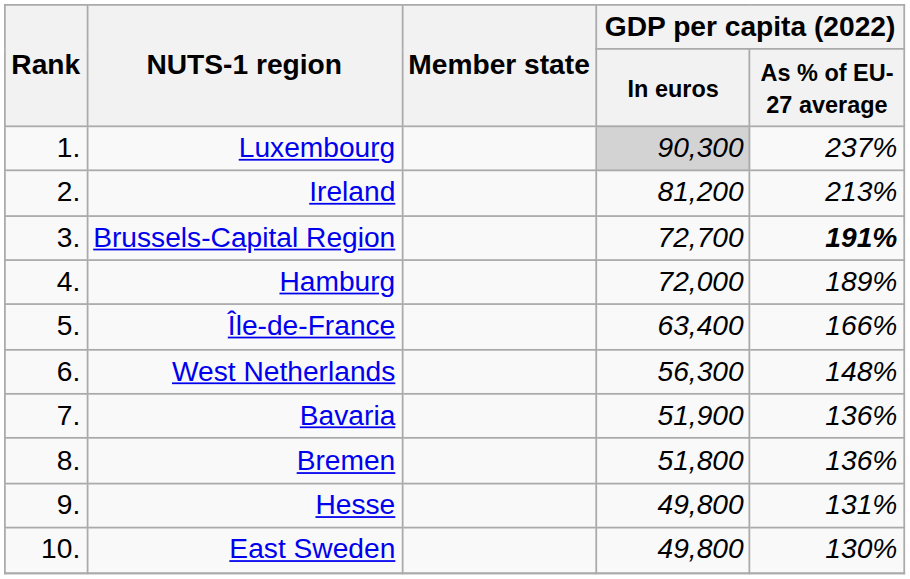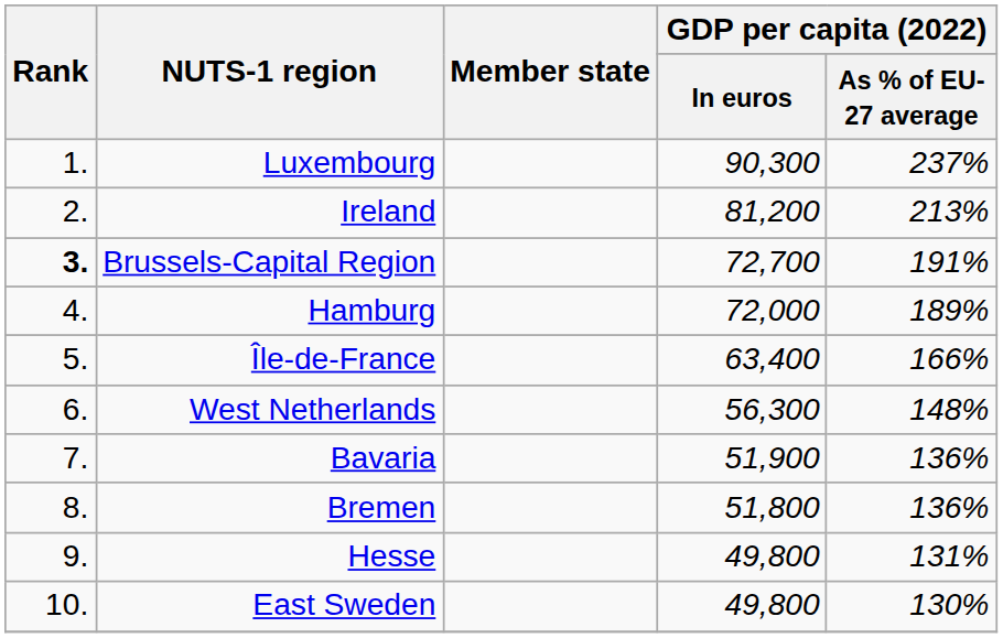 <table class="wikitable">
 <tr style="background:#efefef;">
 <th rowspan=2>Rank</th>
 <th rowspan=2>NUTS-1 region</th>
 <th rowspan=2>Member state</th>
 <th colspan=2>GDP per capita (2022)</th>
 </tr>
 <tr style="background:#efefef;">
 <th style="width:5em;"><small>In euros</small></th>
 <th style="width:5em;"><small>As % of EU-27 average</small></th>
 </tr>
 <tr style="text-align:right;">
 <td>1.</td>
 <td><a href='#'>Luxembourg</a></td>
 <td align=left><small></small></td>
-<td style="background: lightgrey;"><em>90,300</em></td>
+<td><em>90,300</em></td>
 <td><em>237%</em></td>
 </tr>
 <tr style="text-align:right;">
 <td>2.</td>
 <td><a href='#'>Ireland</a></td>
 <td align=left><small></small></td>
 <td><em>81,200</em></td>
 <td><em>213%</em></td>
 </tr>
 <tr style="text-align:right;">
-<td>3.</td>
+<td><strong>3.</strong></td>
 <td><a href='#'>Brussels-Capital Region</a></td>
 <td align=left><small></small></td>
 <td><em>72,700</em></td>
-<td><strong><em>191%</em></strong></td>
+<td><em>191%</em></td>
 </tr>
 <tr style="text-align:right;">
 <td>4.</td>
 <td><a href='#'>Hamburg</a></td>
 <td align=left><small></small></td>
 <td><em>72,000</em></td>
 <td><em>189%</em></td>
 </tr>
 <tr style="text-align:right;">
 <td>5.</td>
 <td><a href='#'>Île-de-France</a></td>
 <td align=left><small></small></td>
 <td><em>63,400</em></td>
 <td><em>166%</em></td>
 </tr>
 <tr style="text-align:right;">
 <td>6.</td>
 <td><a href='#'>West Netherlands</a></td>
 <td align=left><small></small></td>
 <td><em>56,300</em></td>
 <td><em>148%</em></td>
 </tr>
 <tr style="text-align:right;">
 <td>7.</td>
 <td><a href='#'>Bavaria</a></td>
 <td align=left><small></small></td>
 <td><em>51,900</em></td>
 <td><em>136%</em></td>
 </tr>
 <tr style="text-align:right;">
 <td>8.</td>
 <td><a href='#'>Bremen</a></td>
 <td align=left><small></small></td>
 <td><em>51,800</em></td>
 <td><em>136%</em></td>
 </tr>
 <tr style="text-align:right;">
 <td>9.</td>
 <td><a href='#'>Hesse</a></td>
 <td align=left><small></small></td>
 <td><em>49,800</em></td>
 <td><em>131%</em></td>
 </tr>
 <tr style="text-align:right;">
 <td>10.</td>
 <td><a href='#'>East Sweden</a></td>
 <td align=left><small></small></td>
 <td><em>49,800</em></td>
 <td><em>130%</em></td>
 </tr>
 <tr style="text-align:right;">
 </tr>
 </table>
